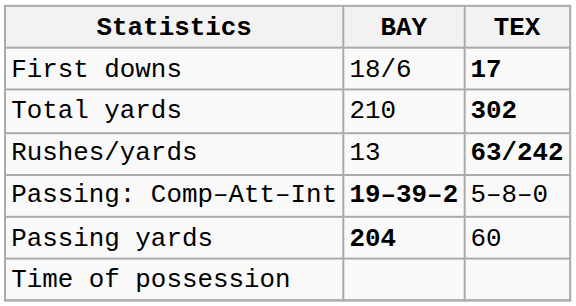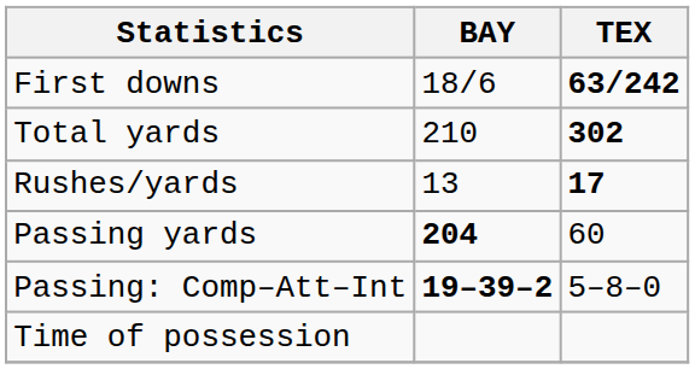 <table class="wikitable" style="float: left;">
 <tr>
 <th>Statistics</th>
 <th>BAY</th>
 <th>TEX</th>
 </tr>
 <tr>
 <td>First downs</td>
 <td>18/6</td>
-<td><strong>17</strong></td>
+<td><strong>63/242</strong></td>
 </tr>
 <tr>
 <td>Total yards</td>
 <td>210</td>
 <td><strong>302</strong></td>
 </tr>
 <tr>
 <td>Rushes/yards</td>
 <td>13</td>
-<td><strong>63/242</strong></td>
+<td><strong>17</strong></td>
+</tr>
+<tr>
+<td>Passing yards</td>
+<td><strong>204</strong></td>
+<td>60</td>
 </tr>
 <tr>
 <td>Passing: Comp–Att–Int</td>
 <td><strong>19–39–2</strong></td>
 <td>5–8–0</td>
-</tr>
-<tr>
-<td>Passing yards</td>
-<td><strong>204</strong></td>
-<td>60</td>
 </tr>
 <tr>
 <td>Time of possession</td>
 <td></td>
 <td></td>
 </tr>
 <tr>
 </tr>
 </table>
